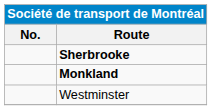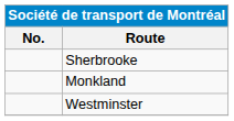 <table align=center class="wikitable">
 <tr>
 <th style="background: #0085CA; font-size:100%; color:#FFFFFF;"colspan="4">Société de transport de Montréal</th>
 </tr>
 <tr>
 <th>No.</th>
 <th>Route</th>
 </tr>
 <tr>
 <td {{Avoid wrap> </td>
-<td><strong>Sherbrooke</strong></td>
+<td>Sherbrooke</td>
 </tr>
 <tr>
 <td {{Avoid wrap> </td>
-<td><strong>Monkland</strong></td>
+<td>Monkland</td>
 </tr>
 <tr>
 <td {{Avoid wrap> </td>
 <td>Westminster</td>
 </tr>
 <tr>
 </tr>
 </table>
